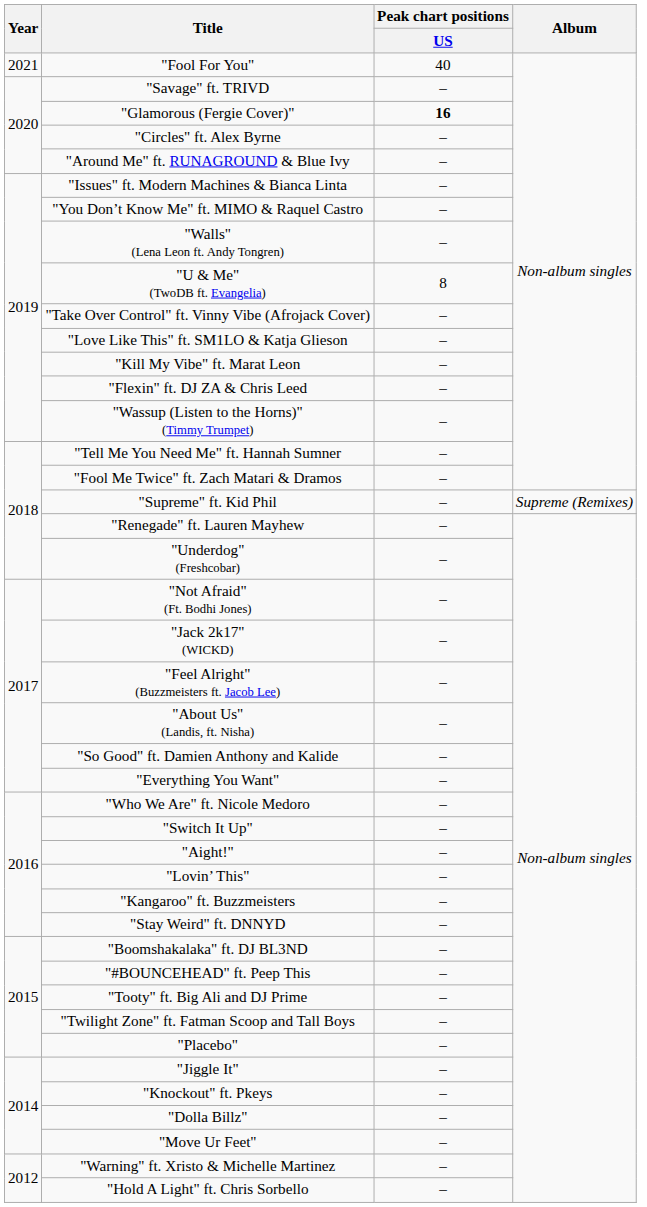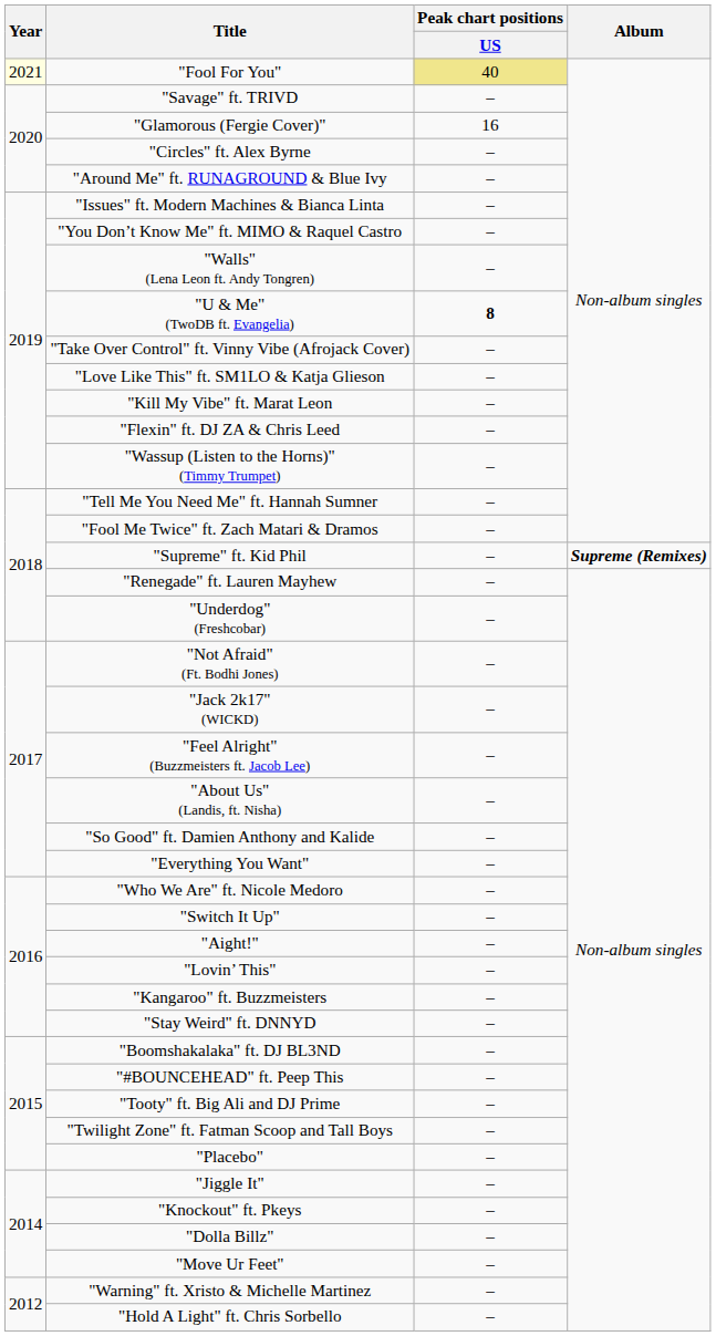 <table class="wikitable plainrowheaders" style="text-align:center;">
 <tr>
 <th rowspan="2" scope="col">Year</th>
 <th rowspan="2" scope="col">Title</th>
 <th>Peak chart positions</th>
 <th rowspan="2">Album</th>
 </tr>
 <tr>
 <th scope="col"><a href='#'>US</a></th>
 </tr>
 <tr>
-<td>2021</td>
+<td style="background: lightyellow;">2021</td>
 <td>"Fool For You"</td>
-<td>40</td>
+<td style="background: khaki;">40</td>
 <td rowspan="16"><em>Non-album singles</em></td>
 </tr>
 <tr>
 <td rowspan="4">2020</td>
 <td>"Savage" ft. TRIVD</td>
 <td>–</td>
 </tr>
 <tr>
 <td>"Glamorous (Fergie Cover)"</td>
-<td><strong>16</strong></td>
+<td>16</td>
 </tr>
 <tr>
 <td>"Circles" ft. Alex Byrne</td>
 <td>–</td>
 </tr>
 <tr>
 <td>"Around Me" ft. <a href='#'>RUNAGROUND</a> & Blue Ivy</td>
 <td>–</td>
 </tr>
 <tr>
 <td rowspan="9">2019</td>
 <td>"Issues" ft. Modern Machines & Bianca Linta</td>
 <td>–</td>
 </tr>
 <tr>
 <td>"You Don’t Know Me" ft. MIMO & Raquel Castro</td>
 <td>–</td>
 </tr>
 <tr>
 <td>"Walls"<br><small>(Lena Leon ft. Andy Tongren)</small></td>
 <td>–</td>
 </tr>
 <tr>
 <td>"U & Me"<br><small>(TwoDB ft. <a href='#'>Evangelia</a>)</small></td>
-<td>8</td>
+<td><strong>8</strong></td>
 </tr>
 <tr>
 <td>"Take Over Control" ft. Vinny Vibe (Afrojack Cover)</td>
 <td>–</td>
 </tr>
 <tr>
 <td>"Love Like This" ft. SM1LO & Katja Glieson</td>
 <td>–</td>
 </tr>
 <tr>
 <td>"Kill My Vibe" ft. Marat Leon</td>
 <td>–</td>
 </tr>
 <tr>
 <td>"Flexin" ft. DJ ZA & Chris Leed</td>
 <td>–</td>
 </tr>
 <tr>
 <td>"Wassup (Listen to the Horns)"<br><small>(<a href='#'>Timmy Trumpet</a>)</small></td>
 <td>–</td>
 </tr>
 <tr>
 <td rowspan="5">2018</td>
 <td>"Tell Me You Need Me" ft. Hannah Sumner</td>
 <td>–</td>
 </tr>
 <tr>
 <td>"Fool Me Twice" ft. Zach Matari & Dramos</td>
 <td>–</td>
 </tr>
 <tr>
 <td>"Supreme" ft. Kid Phil</td>
 <td>–</td>
-<td><em>Supreme (Remixes)</em></td>
+<td><strong><em>Supreme (Remixes)</em></strong></td>
 </tr>
 <tr>
 <td>"Renegade" ft. Lauren Mayhew</td>
 <td>–</td>
 <td rowspan="25"><em>Non-album singles</em></td>
 </tr>
 <tr>
 <td>"Underdog"<br><small>(Freshcobar)</small></td>
 <td>–</td>
 </tr>
 <tr>
 <td rowspan="6">2017</td>
 <td>"Not Afraid"<br><small>(Ft. Bodhi Jones)</small></td>
 <td>–</td>
 </tr>
 <tr>
 <td>"Jack 2k17"<br><small>(WICKD)</small></td>
 <td>–</td>
 </tr>
 <tr>
 <td>"Feel Alright"<br><small>(Buzzmeisters ft. <a href='#'>Jacob Lee</a>)</small></td>
 <td>–</td>
 </tr>
 <tr>
 <td>"About Us"<br><small>(Landis, ft. Nisha)</small></td>
 <td>–</td>
 </tr>
 <tr>
 <td>"So Good" ft. Damien Anthony and Kalide</td>
 <td>–</td>
 </tr>
 <tr>
 <td>"Everything You Want"</td>
 <td>–</td>
 </tr>
 <tr>
 <td rowspan="6">2016</td>
 <td>"Who We Are" ft. Nicole Medoro</td>
 <td>–</td>
 </tr>
 <tr>
 <td>"Switch It Up"</td>
 <td>–</td>
 </tr>
 <tr>
 <td>"Aight!"</td>
 <td>–</td>
 </tr>
 <tr>
 <td>"Lovin’ This"</td>
 <td>–</td>
 </tr>
 <tr>
 <td>"Kangaroo" ft. Buzzmeisters</td>
 <td>–</td>
 </tr>
 <tr>
 <td>"Stay Weird" ft. DNNYD</td>
 <td>–</td>
 </tr>
 <tr>
 <td rowspan="5">2015</td>
 <td>"Boomshakalaka" ft. DJ BL3ND</td>
 <td>–</td>
 </tr>
 <tr>
 <td>"#BOUNCEHEAD" ft. Peep This</td>
 <td>–</td>
 </tr>
 <tr>
 <td>"Tooty" ft. Big Ali and DJ Prime</td>
 <td>–</td>
 </tr>
 <tr>
 <td>"Twilight Zone" ft. Fatman Scoop and Tall Boys</td>
 <td>–</td>
 </tr>
 <tr>
 <td>"Placebo"</td>
 <td>–</td>
 </tr>
 <tr>
 <td rowspan="4">2014</td>
 <td>"Jiggle It"</td>
 <td>–</td>
 </tr>
 <tr>
 <td>"Knockout" ft. Pkeys</td>
 <td>–</td>
 </tr>
 <tr>
 <td>"Dolla Billz"</td>
 <td>–</td>
 </tr>
 <tr>
 <td>"Move Ur Feet"</td>
 <td>–</td>
 </tr>
 <tr>
 <td rowspan="2">2012</td>
 <td>"Warning" ft. Xristo & Michelle Martinez</td>
 <td>–</td>
 </tr>
 <tr>
 <td>"Hold A Light" ft. Chris Sorbello</td>
 <td>–</td>
 </tr>
 </table>
